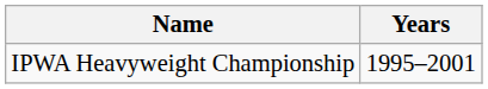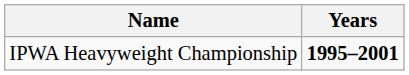 <table class="wikitable" border="1">
 <tr>
 <th>Name</th>
 <th>Years</th>
 </tr>
 <tr>
 <td>IPWA Heavyweight Championship</td>
-<td>1995–2001</td>
+<td><strong>1995–2001</strong></td>
 </tr>
 </table>
